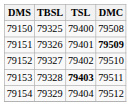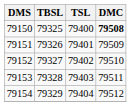 <table class="wikitable">
 <tr>
 <th>DMS</th>
 <th>TBSL</th>
 <th>TSL</th>
 <th>DMC</th>
 </tr>
 <tr>
 <td>79150</td>
 <td>79325</td>
 <td>79400</td>
-<td>79508</td>
+<td><strong>79508</strong></td>
 </tr>
 <tr>
 <td>79151</td>
 <td>79326</td>
 <td>79401</td>
-<td><strong>79509</strong></td>
+<td>79509</td>
 </tr>
 <tr>
 <td>79152</td>
 <td>79327</td>
 <td>79402</td>
 <td>79510</td>
 </tr>
 <tr>
 <td>79153</td>
 <td>79328</td>
-<td><strong>79403</strong></td>
+<td>79403</td>
 <td>79511</td>
 </tr>
 <tr>
 <td>79154</td>
 <td>79329</td>
 <td>79404</td>
 <td>79512</td>
 </tr>
 <tr>
 </tr>
 </table>
